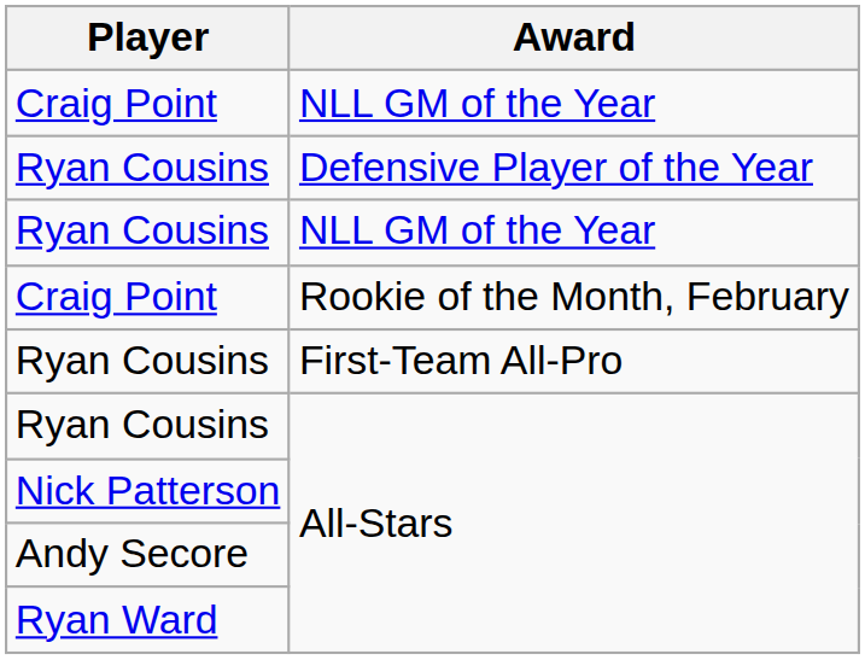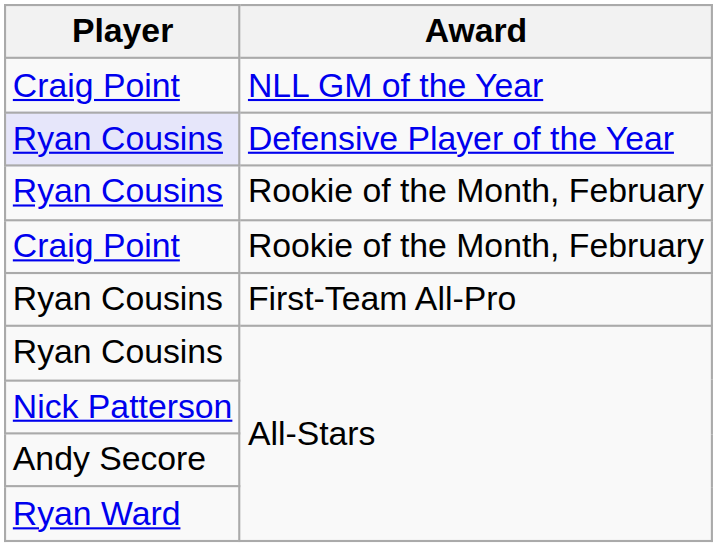 <table class="wikitable">
 <tr>
 <th>Player</th>
 <th>Award</th>
 </tr>
 <tr>
 <td><a href='#'>Craig Point</a></td>
 <td><a href='#'>NLL GM of the Year</a></td>
 </tr>
 <tr>
-<td><a href='#'>Ryan Cousins</a></td>
+<td style="background: lavender;"><a href='#'>Ryan Cousins</a></td>
 <td><a href='#'>Defensive Player of the Year</a></td>
 </tr>
 <tr>
 <td><a href='#'>Ryan Cousins</a></td>
-<td><a href='#'>NLL GM of the Year</a></td>
+<td>Rookie of the Month, February</td>
 </tr>
 <tr>
 <td><a href='#'>Craig Point</a></td>
 <td>Rookie of the Month, February</td>
 </tr>
 <tr>
 <td>Ryan Cousins</td>
 <td>First-Team All-Pro</td>
 </tr>
 <tr>
 <td>Ryan Cousins</td>
 <td rowspan=4>All-Stars</td>
 </tr>
 <tr>
 <td><a href='#'>Nick Patterson</a></td>
 </tr>
 <tr>
 <td>Andy Secore</td>
 </tr>
 <tr>
 <td><a href='#'>Ryan Ward</a></td>
 </tr>
 </table>
